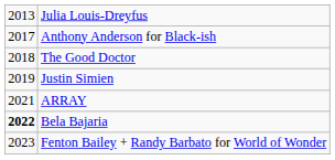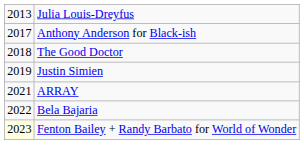 <table class="wikitable">
 <tr>
 <td>2013</td>
 <td><a href='#'>Julia Louis-Dreyfus</a></td>
 </tr>
 <tr>
 <td>2017</td>
 <td><a href='#'>Anthony Anderson</a> for <a href='#'>Black-ish</a></td>
 </tr>
 <tr>
 <td>2018</td>
 <td><a href='#'>The Good Doctor</a></td>
 </tr>
 <tr>
 <td>2019</td>
 <td><a href='#'>Justin Simien</a></td>
 </tr>
 <tr>
 <td>2021</td>
 <td><a href='#'>ARRAY</a></td>
 </tr>
 <tr>
-<td><strong>2022</strong></td>
+<td>2022</td>
 <td><a href='#'>Bela Bajaria</a></td>
 </tr>
 <tr>
-<td>2023</td>
+<td style="background: lightyellow;">2023</td>
 <td><a href='#'>Fenton Bailey</a> + <a href='#'>Randy Barbato</a> for <a href='#'>World of Wonder</a></td>
 </tr>
 </table>
